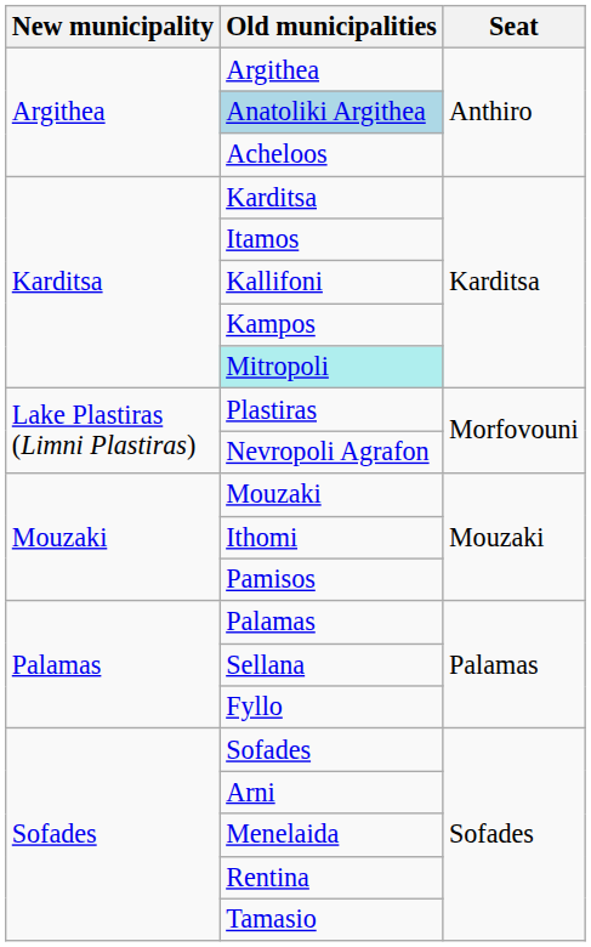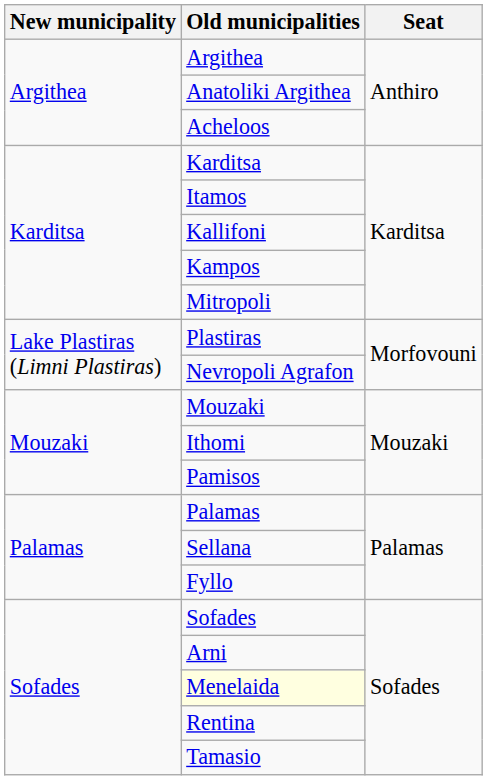 <table class="wikitable">
 <tr>
 <th>New municipality</th>
 <th>Old municipalities</th>
 <th>Seat</th>
 </tr>
 <tr>
 <td rowspan=3><a href='#'>Argithea</a></td>
 <td><a href='#'>Argithea</a></td>
 <td rowspan=3>Anthiro</td>
 </tr>
 <tr>
-<td style="background: lightblue;"><a href='#'>Anatoliki Argithea</a></td>
+<td><a href='#'>Anatoliki Argithea</a></td>
 </tr>
 <tr>
 <td><a href='#'>Acheloos</a></td>
 </tr>
 <tr>
 <td rowspan=5><a href='#'>Karditsa</a></td>
 <td><a href='#'>Karditsa</a></td>
 <td rowspan=5>Karditsa</td>
 </tr>
 <tr>
 <td><a href='#'>Itamos</a></td>
 </tr>
 <tr>
 <td><a href='#'>Kallifoni</a></td>
 </tr>
 <tr>
 <td><a href='#'>Kampos</a></td>
 </tr>
 <tr>
-<td style="background: paleturquoise;"><a href='#'>Mitropoli</a></td>
+<td><a href='#'>Mitropoli</a></td>
 </tr>
 <tr>
 <td rowspan=2><a href='#'>Lake Plastiras</a> <br>(<em>Limni Plastiras</em>)</td>
 <td><a href='#'>Plastiras</a></td>
 <td rowspan=2>Morfovouni</td>
 </tr>
 <tr>
 <td><a href='#'>Nevropoli Agrafon</a></td>
 </tr>
 <tr>
 <td rowspan=3><a href='#'>Mouzaki</a></td>
 <td><a href='#'>Mouzaki</a></td>
 <td rowspan=3>Mouzaki</td>
 </tr>
 <tr>
 <td><a href='#'>Ithomi</a></td>
 </tr>
 <tr>
 <td><a href='#'>Pamisos</a></td>
 </tr>
 <tr>
 <td rowspan=3><a href='#'>Palamas</a></td>
 <td><a href='#'>Palamas</a></td>
 <td rowspan=3>Palamas</td>
 </tr>
 <tr>
 <td><a href='#'>Sellana</a></td>
 </tr>
 <tr>
 <td><a href='#'>Fyllo</a></td>
 </tr>
 <tr>
 <td rowspan=5><a href='#'>Sofades</a></td>
 <td><a href='#'>Sofades</a></td>
 <td rowspan=5>Sofades</td>
 </tr>
 <tr>
 <td><a href='#'>Arni</a></td>
 </tr>
 <tr>
-<td><a href='#'>Menelaida</a></td>
+<td style="background: lightyellow;"><a href='#'>Menelaida</a></td>
 </tr>
 <tr>
 <td><a href='#'>Rentina</a></td>
 </tr>
 <tr>
 <td><a href='#'>Tamasio</a></td>
 </tr>
 </table>
